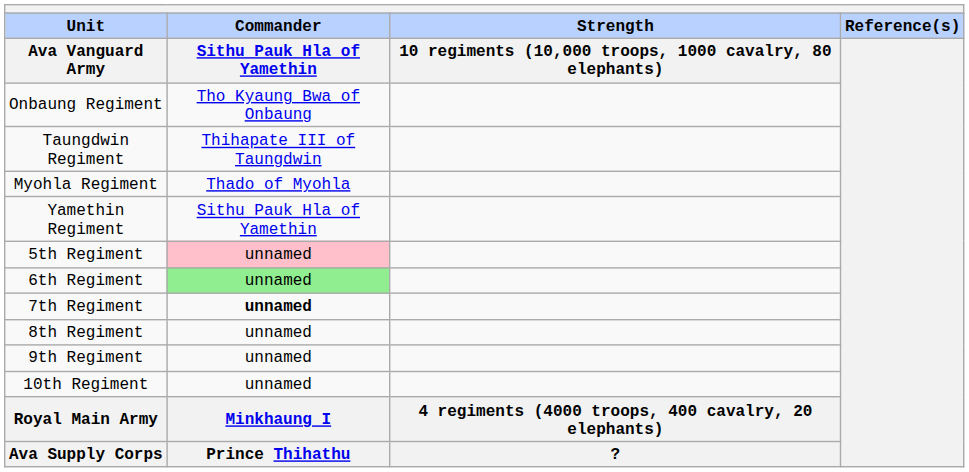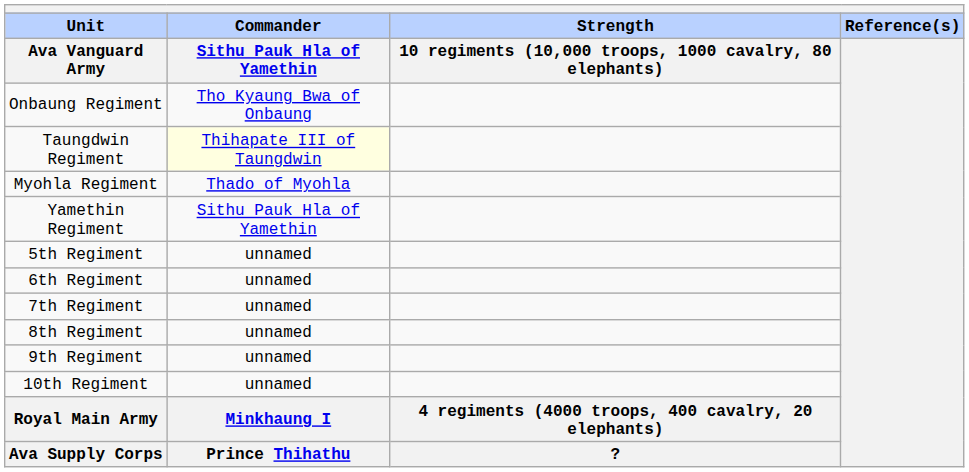 <table class="wikitable collapsible" style="min-width:60em; margin:0.3em auto; font-size:88%;">
 <tr>
 <th colspan=5></th>
 </tr>
 <tr>
 <th style="background-color:#B9D1FF">Unit</th>
 <th style="background-color:#B9D1FF">Commander</th>
 <th style="background-color:#B9D1FF">Strength</th>
 <th style="background-color:#B9D1FF">Reference(s)</th>
 </tr>
 <tr>
 <th colspan="1">Ava Vanguard Army</th>
 <th colspan="1"><a href='#'>Sithu Pauk Hla of Yamethin</a></th>
 <th colspan="1">10 regiments (10,000 troops, 1000 cavalry, 80 elephants)</th>
 <th rowspan="13"></th>
 </tr>
 <tr>
 <td align="center">Onbaung Regiment</td>
 <td align="center"><a href='#'>Tho Kyaung Bwa of Onbaung</a></td>
 <td align="center"></td>
 </tr>
 <tr>
 <td align="center">Taungdwin Regiment</td>
-<td align="center"><a href='#'>Thihapate III of Taungdwin</a></td>
+<td align="center" style="background: lightyellow;"><a href='#'>Thihapate III of Taungdwin</a></td>
 <td align="center"></td>
 </tr>
 <tr>
 <td align="center">Myohla Regiment</td>
 <td align="center"><a href='#'>Thado of Myohla</a></td>
 <td align="center"></td>
 </tr>
 <tr>
 <td align="center">Yamethin Regiment</td>
 <td align="center"><a href='#'>Sithu Pauk Hla of Yamethin</a></td>
 <td align="center"></td>
 </tr>
 <tr>
 <td align="center">5th Regiment</td>
-<td align="center" style="background: pink;">unnamed</td>
+<td align="center">unnamed</td>
 <td align="center"></td>
 </tr>
 <tr>
 <td align="center">6th Regiment</td>
-<td align="center" style="background: lightgreen;">unnamed</td>
+<td align="center">unnamed</td>
 <td align="center"></td>
 </tr>
 <tr>
 <td align="center">7th Regiment</td>
-<td align="center"><strong>unnamed</strong></td>
+<td align="center">unnamed</td>
 <td align="center"></td>
 </tr>
 <tr>
 <td align="center">8th Regiment</td>
 <td align="center">unnamed</td>
 <td align="center"></td>
 </tr>
 <tr>
 <td align="center">9th Regiment</td>
 <td align="center">unnamed</td>
 <td align="center"></td>
 </tr>
 <tr>
 <td align="center">10th Regiment</td>
 <td align="center">unnamed</td>
 <td align="center"></td>
 </tr>
 <tr>
 <th colspan="1">Royal Main Army</th>
 <th colspan="1"><a href='#'>Minkhaung I</a></th>
 <th colspan="1">4 regiments (4000 troops, 400 cavalry, 20 elephants)</th>
 </tr>
 <tr>
 <th colspan="1">Ava Supply Corps</th>
 <th colspan="1">Prince <a href='#'>Thihathu</a></th>
 <th colspan="1">?</th>
 </tr>
 </table>
